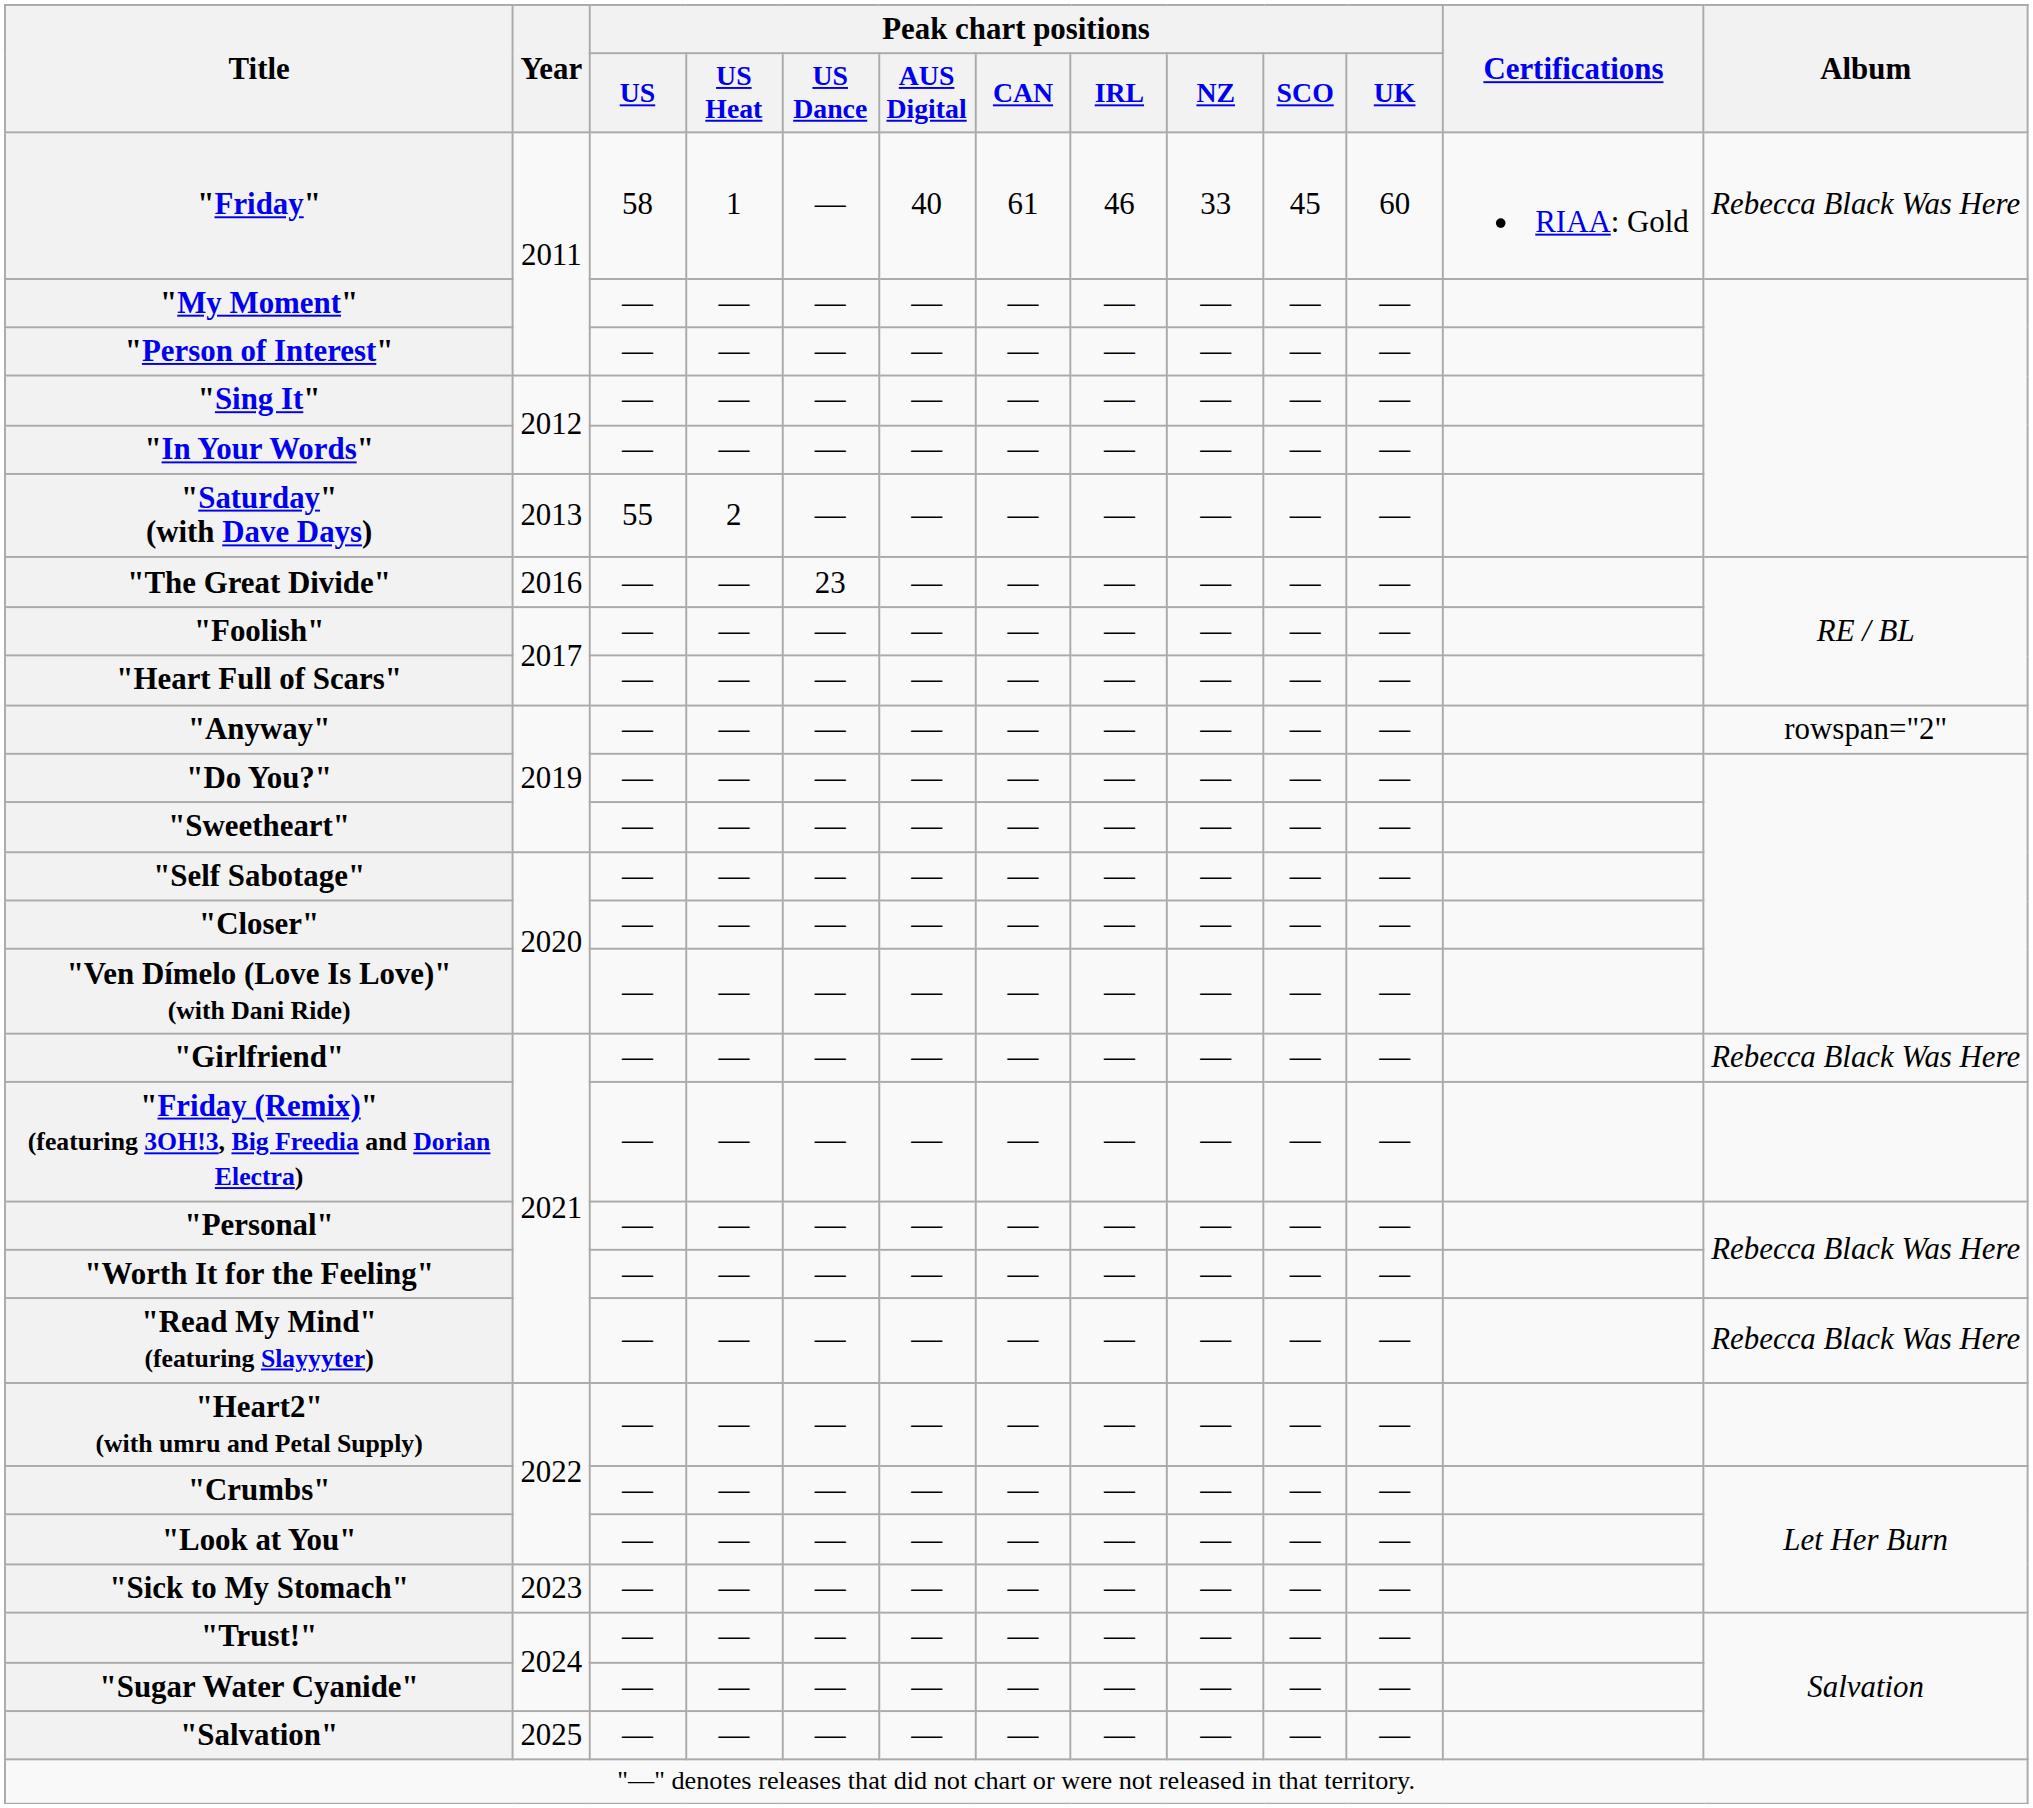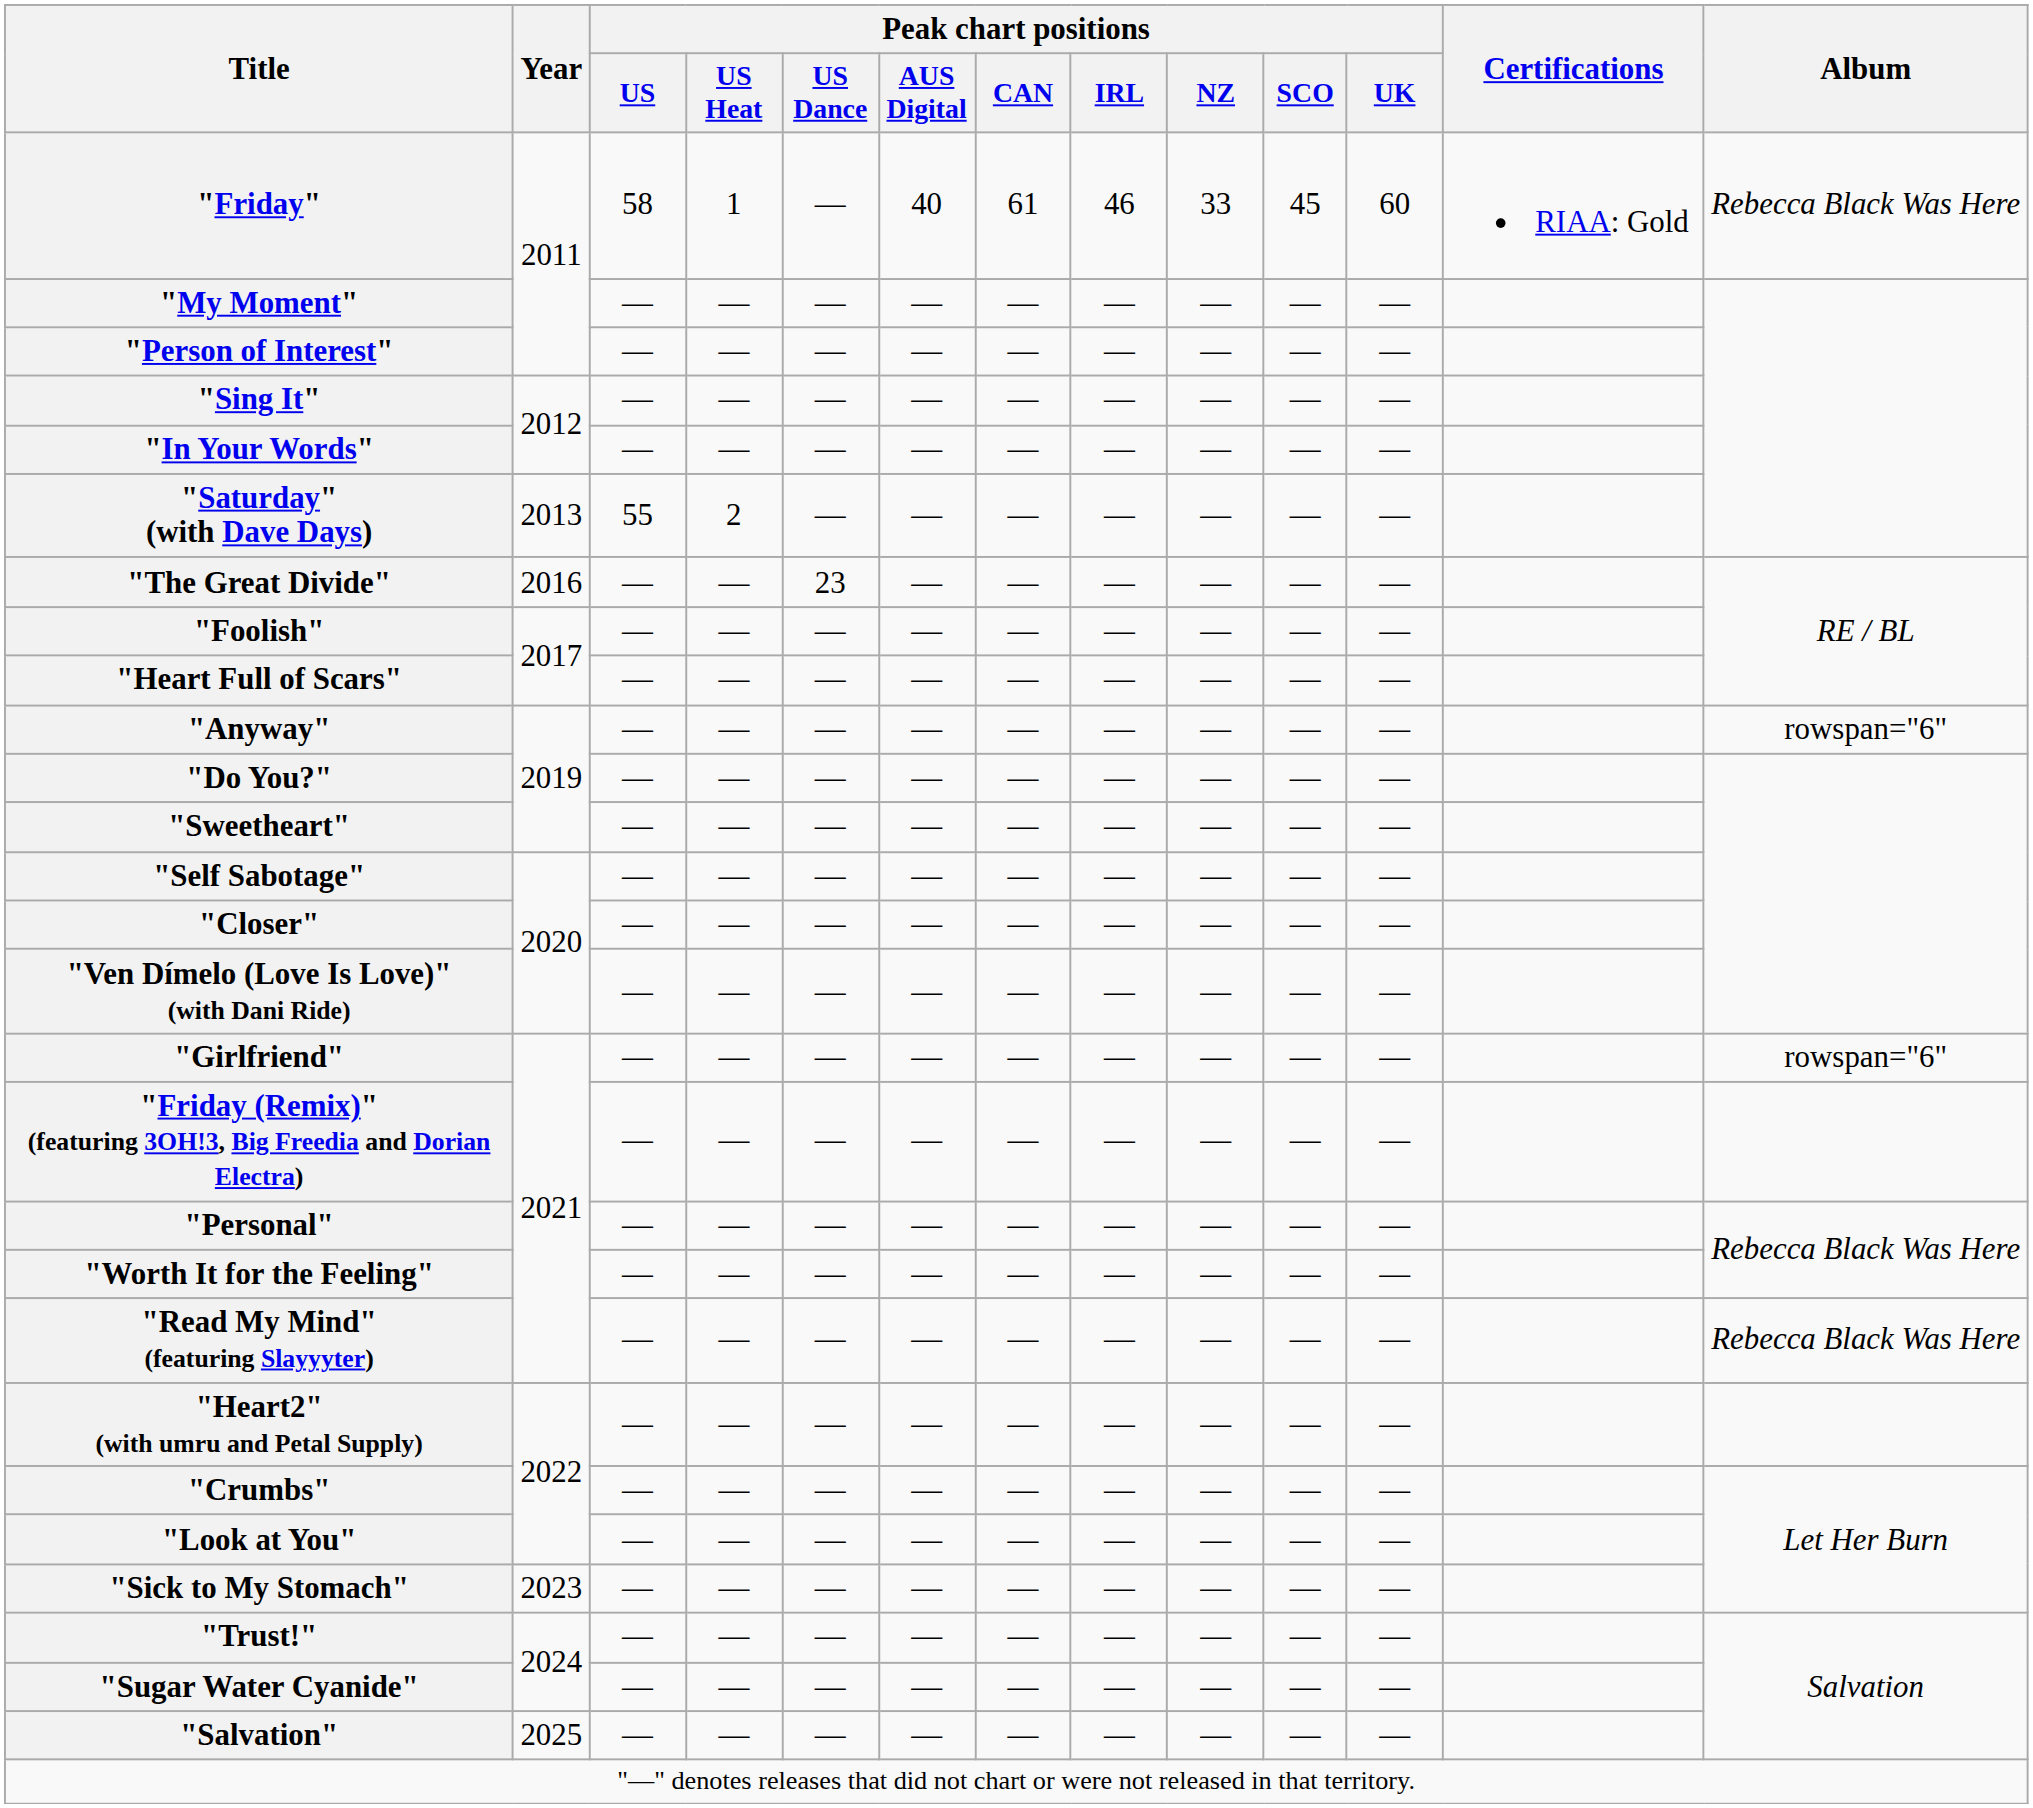 <table class="wikitable plainrowheaders" style="text-align:center;">
 <tr>
 <th scope="col" rowspan="2" style="width:16em;">Title</th>
 <th scope="col" rowspan="2">Year</th>
 <th scope="col" colspan="9">Peak chart positions</th>
 <th scope="col" rowspan="2" style="width:8em;"><a href='#'>Certifications</a></th>
 <th scope="col" rowspan="2">Album</th>
 </tr>
 <tr>
 <th scope="col" style="width:3em;font-size:90%;"><a href='#'>US</a><br></th>
 <th scope="col" style="width:3em;font-size:90%;"><a href='#'>US<br>Heat</a><br></th>
 <th scope="col" style="width:3em;font-size:90%;"><a href='#'>US<br>Dance</a><br></th>
 <th scope="col" style="width:3em;font-size:90%;"><a href='#'>AUS<br>Digital</a><br></th>
 <th scope="col" style="width:3em;font-size:90%;"><a href='#'>CAN</a><br></th>
 <th scope="col" style="width:3em;font-size:90%;"><a href='#'>IRL</a><br></th>
 <th scope="col" style="width:3em;font-size:90%;"><a href='#'>NZ</a><br></th>
 <th scope="col" style="width:2.5em;font-size:90%;"><a href='#'>SCO</a><br></th>
 <th scope="col" style="width:3em;font-size:90%;"><a href='#'>UK</a><br></th>
 </tr>
 <tr>
 <th scope="row">"<a href='#'>Friday</a>"</th>
 <td rowspan="3">2011</td>
 <td>58</td>
 <td>1</td>
 <td>—</td>
 <td>40</td>
 <td>61</td>
 <td>46</td>
 <td>33</td>
 <td>45</td>
 <td>60</td>
 <td><br><ul><li><a href='#'>RIAA</a>: Gold</li></ul></td>
 <td><em>Rebecca Black Was Here</em></td>
 </tr>
 <tr>
 <th scope="row">"<a href='#'>My Moment</a>"</th>
 <td>—</td>
 <td>—</td>
 <td>—</td>
 <td>—</td>
 <td>—</td>
 <td>—</td>
 <td>—</td>
 <td>—</td>
 <td>—</td>
 <td></td>
 </tr>
 <tr>
 <th scope="row">"<a href='#'>Person of Interest</a>"</th>
 <td>—</td>
 <td>—</td>
 <td>—</td>
 <td>—</td>
 <td>—</td>
 <td>—</td>
 <td>—</td>
 <td>—</td>
 <td>—</td>
 <td></td>
 </tr>
 <tr>
 <th scope="row">"<a href='#'>Sing It</a>"</th>
 <td rowspan="2">2012</td>
 <td>—</td>
 <td>—</td>
 <td>—</td>
 <td>—</td>
 <td>—</td>
 <td>—</td>
 <td>—</td>
 <td>—</td>
 <td>—</td>
 <td></td>
 </tr>
 <tr>
 <th scope="row">"<a href='#'>In Your Words</a>"</th>
 <td>—</td>
 <td>—</td>
 <td>—</td>
 <td>—</td>
 <td>—</td>
 <td>—</td>
 <td>—</td>
 <td>—</td>
 <td>—</td>
 <td></td>
 </tr>
 <tr>
 <th scope="row">"<a href='#'>Saturday</a>"<br><span>(with <a href='#'>Dave Days</a>)</span></th>
 <td>2013</td>
 <td>55</td>
 <td>2</td>
 <td>—</td>
 <td>—</td>
 <td>—</td>
 <td>—</td>
 <td>—</td>
 <td>—</td>
 <td>—</td>
 <td></td>
 </tr>
 <tr>
 <th scope="row">"The Great Divide"</th>
 <td>2016</td>
 <td>—</td>
 <td>—</td>
 <td>23</td>
 <td>—</td>
 <td>—</td>
 <td>—</td>
 <td>—</td>
 <td>—</td>
 <td>—</td>
 <td></td>
 <td rowspan="3"><em>RE / BL</em></td>
 </tr>
 <tr>
 <th scope="row">"Foolish"</th>
 <td rowspan="2">2017</td>
 <td>—</td>
 <td>—</td>
 <td>—</td>
 <td>—</td>
 <td>—</td>
 <td>—</td>
 <td>—</td>
 <td>—</td>
 <td>—</td>
 <td></td>
 </tr>
 <tr>
 <th scope="row">"Heart Full of Scars"</th>
 <td>—</td>
 <td>—</td>
 <td>—</td>
 <td>—</td>
 <td>—</td>
 <td>—</td>
 <td>—</td>
 <td>—</td>
 <td>—</td>
 <td></td>
 </tr>
 <tr>
 <th scope="row">"Anyway"</th>
 <td rowspan="3">2019</td>
 <td>—</td>
 <td>—</td>
 <td>—</td>
 <td>—</td>
 <td>—</td>
 <td>—</td>
 <td>—</td>
 <td>—</td>
 <td>—</td>
 <td></td>
-<td>rowspan="2" </td>
+<td>rowspan="6" </td>
 </tr>
 <tr>
 <th scope="row">"Do You?"</th>
 <td>—</td>
 <td>—</td>
 <td>—</td>
 <td>—</td>
 <td>—</td>
 <td>—</td>
 <td>—</td>
 <td>—</td>
 <td>—</td>
 <td></td>
 </tr>
 <tr>
 <th scope="row">"Sweetheart"</th>
 <td>—</td>
 <td>—</td>
 <td>—</td>
 <td>—</td>
 <td>—</td>
 <td>—</td>
 <td>—</td>
 <td>—</td>
 <td>—</td>
 <td></td>
 </tr>
 <tr>
 <th scope="row">"Self Sabotage"</th>
 <td rowspan="3">2020</td>
 <td>—</td>
 <td>—</td>
 <td>—</td>
 <td>—</td>
 <td>—</td>
 <td>—</td>
 <td>—</td>
 <td>—</td>
 <td>—</td>
 <td></td>
 </tr>
 <tr>
 <th scope="row">"Closer"</th>
 <td>—</td>
 <td>—</td>
 <td>—</td>
 <td>—</td>
 <td>—</td>
 <td>—</td>
 <td>—</td>
 <td>—</td>
 <td>—</td>
 <td></td>
 </tr>
 <tr>
 <th scope="row">"Ven Dímelo (Love Is Love)" <br><small>(with Dani Ride)</small></th>
 <td>—</td>
 <td>—</td>
 <td>—</td>
 <td>—</td>
 <td>—</td>
 <td>—</td>
 <td>—</td>
 <td>—</td>
 <td>—</td>
 <td></td>
 </tr>
 <tr>
 <th scope="row">"Girlfriend"</th>
 <td rowspan="5">2021</td>
 <td>—</td>
 <td>—</td>
 <td>—</td>
 <td>—</td>
 <td>—</td>
 <td>—</td>
 <td>—</td>
 <td>—</td>
 <td>—</td>
 <td></td>
-<td><em>Rebecca Black Was Here</em></td>
+<td>rowspan="6" </td>
 </tr>
 <tr>
 <th scope="row">"<a href='#'>Friday (Remix)</a>"<br><small>(featuring <a href='#'>3OH!3</a>, <a href='#'>Big Freedia</a> and <a href='#'>Dorian Electra</a>)</small></th>
 <td>—</td>
 <td>—</td>
 <td>—</td>
 <td>—</td>
 <td>—</td>
 <td>—</td>
 <td>—</td>
 <td>—</td>
 <td>—</td>
 <td></td>
 <td></td>
 </tr>
 <tr>
 <th scope="row">"Personal"</th>
 <td>—</td>
 <td>—</td>
 <td>—</td>
 <td>—</td>
 <td>—</td>
 <td>—</td>
 <td>—</td>
 <td>—</td>
 <td>—</td>
 <td></td>
 <td rowspan="2"><em>Rebecca Black Was Here</em></td>
 </tr>
 <tr>
 <th scope="row">"Worth It for the Feeling"</th>
 <td>—</td>
 <td>—</td>
 <td>—</td>
 <td>—</td>
 <td>—</td>
 <td>—</td>
 <td>—</td>
 <td>—</td>
 <td>—</td>
 <td></td>
 </tr>
 <tr>
 <th scope="row">"Read My Mind" <br><small>(featuring <a href='#'>Slayyyter</a>)</small></th>
 <td>—</td>
 <td>—</td>
 <td>—</td>
 <td>—</td>
 <td>—</td>
 <td>—</td>
 <td>—</td>
 <td>—</td>
 <td>—</td>
 <td></td>
 <td><em>Rebecca Black Was Here</em></td>
 </tr>
 <tr>
 <th scope="row">"Heart2" <br><small>(with umru and Petal Supply)</small></th>
 <td rowspan="3">2022</td>
 <td>—</td>
 <td>—</td>
 <td>—</td>
 <td>—</td>
 <td>—</td>
 <td>—</td>
 <td>—</td>
 <td>—</td>
 <td>—</td>
 <td></td>
 </tr>
 <tr>
 <th scope="row">"Crumbs"</th>
 <td>—</td>
 <td>—</td>
 <td>—</td>
 <td>—</td>
 <td>—</td>
 <td>—</td>
 <td>—</td>
 <td>—</td>
 <td>—</td>
 <td></td>
 <td rowspan="3"><em>Let Her Burn</em></td>
 </tr>
 <tr>
 <th scope="row">"Look at You"</th>
 <td>—</td>
 <td>—</td>
 <td>—</td>
 <td>—</td>
 <td>—</td>
 <td>—</td>
 <td>—</td>
 <td>—</td>
 <td>—</td>
 <td></td>
 </tr>
 <tr>
 <th scope="row">"Sick to My Stomach"</th>
 <td>2023</td>
 <td>—</td>
 <td>—</td>
 <td>—</td>
 <td>—</td>
 <td>—</td>
 <td>—</td>
 <td>—</td>
 <td>—</td>
 <td>—</td>
 </tr>
 <tr>
 <th scope="row">"Trust!"</th>
 <td rowspan="2">2024</td>
 <td>—</td>
 <td>—</td>
 <td>—</td>
 <td>—</td>
 <td>—</td>
 <td>—</td>
 <td>—</td>
 <td>—</td>
 <td>—</td>
 <td></td>
 <td rowspan="3"><em>Salvation</em></td>
 </tr>
 <tr>
 <th scope="row">"Sugar Water Cyanide"</th>
 <td>—</td>
 <td>—</td>
 <td>—</td>
 <td>—</td>
 <td>—</td>
 <td>—</td>
 <td>—</td>
 <td>—</td>
 <td>—</td>
 <td></td>
 </tr>
 <tr>
 <th scope="row">"Salvation"</th>
 <td>2025</td>
 <td>—</td>
 <td>—</td>
 <td>—</td>
 <td>—</td>
 <td>—</td>
 <td>—</td>
 <td>—</td>
 <td>—</td>
 <td>—</td>
 <td></td>
 </tr>
 <tr>
 <td colspan="16" style="font-size:85%">"—" denotes releases that did not chart or were not released in that territory.</td>
 </tr>
 </table>
